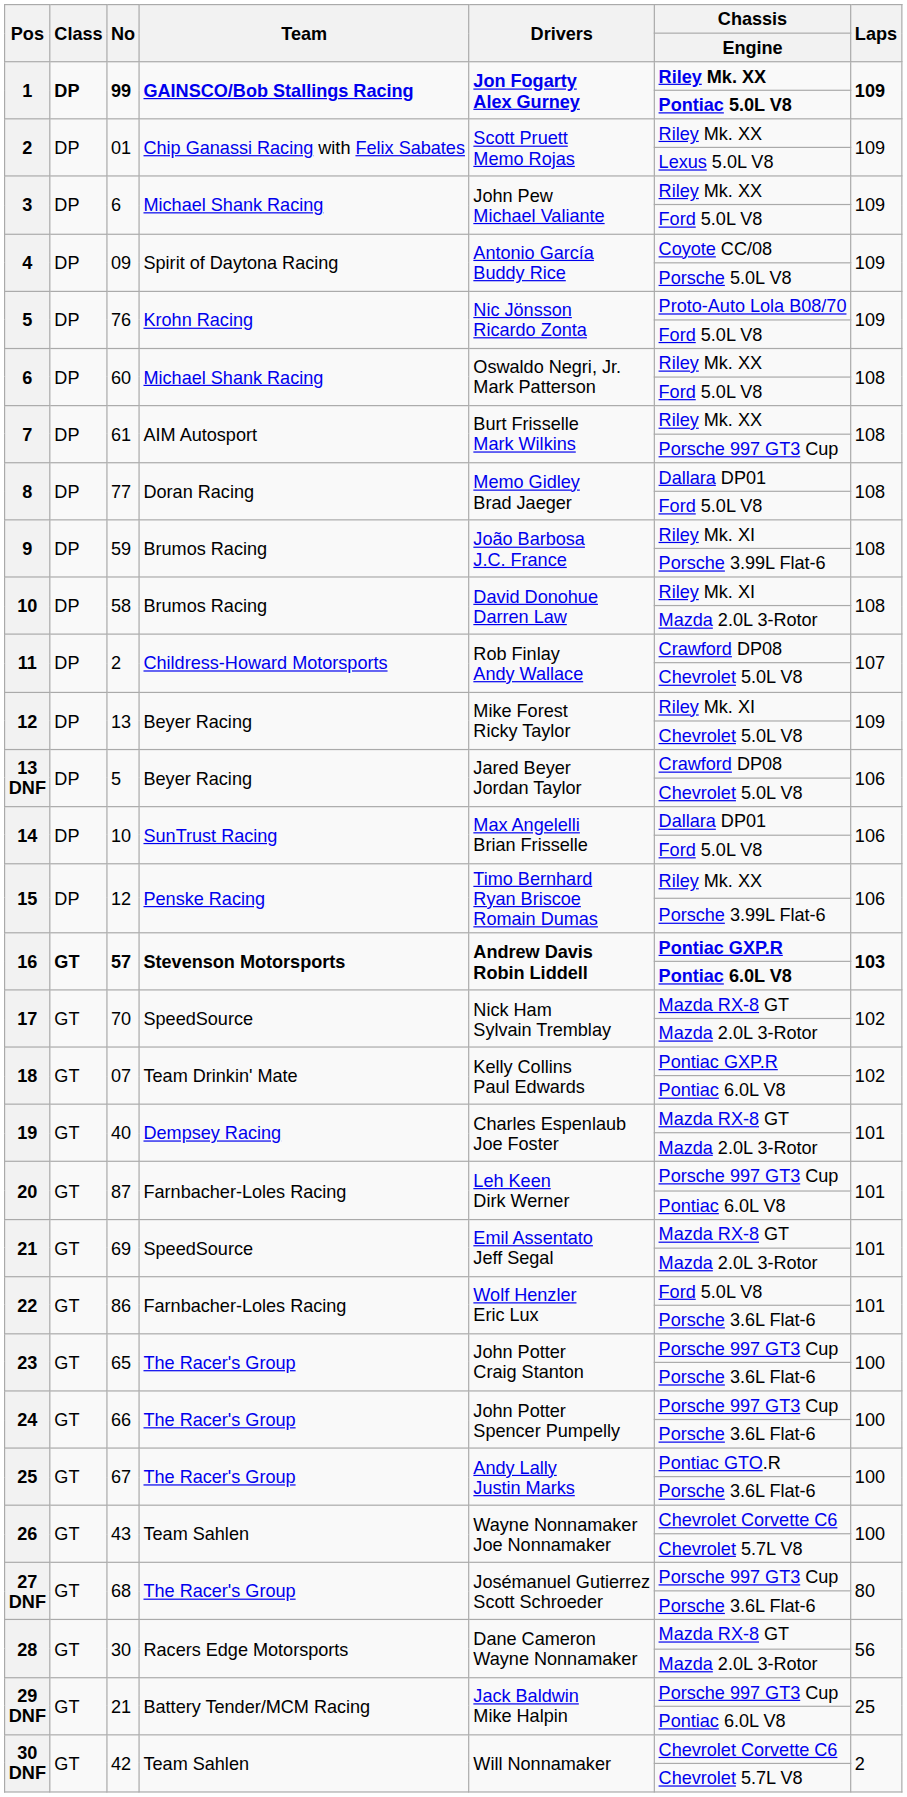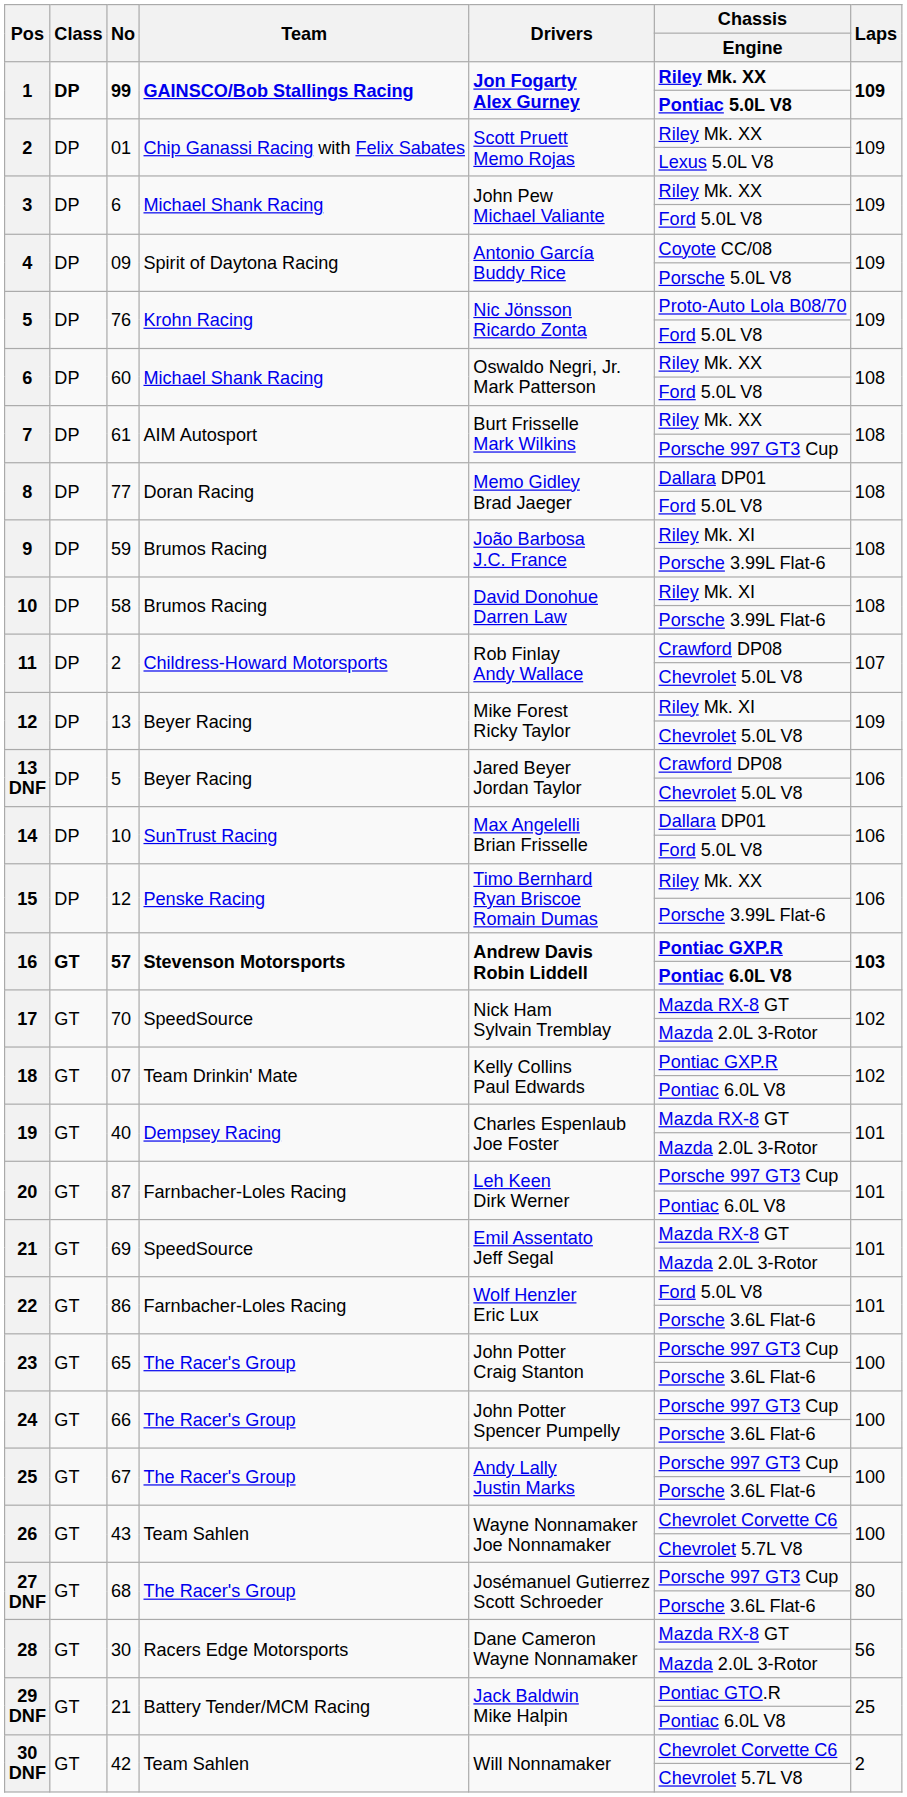 <table class="wikitable" style="font-size: 95%;">
 <tr>
 <th rowspan=2>Pos</th>
 <th rowspan=2>Class</th>
 <th rowspan=2>No</th>
 <th rowspan=2>Team</th>
 <th rowspan=2>Drivers</th>
 <th>Chassis</th>
 <th rowspan=2>Laps</th>
 </tr>
 <tr>
 <th>Engine</th>
 </tr>
 <tr style="font-weight:bold">
 <th rowspan=2>1</th>
 <td rowspan=2>DP</td>
 <td rowspan=2>99</td>
 <td rowspan=2><a href='#'>GAINSCO/Bob Stallings Racing</a></td>
 <td rowspan=2> <a href='#'>Jon Fogarty</a><br> <a href='#'>Alex Gurney</a></td>
 <td><a href='#'>Riley</a> Mk. XX</td>
 <td rowspan=2>109</td>
 </tr>
 <tr style="font-weight:bold">
 <td><a href='#'>Pontiac</a> 5.0L V8</td>
 </tr>
 <tr>
 <th rowspan=2>2</th>
 <td rowspan=2>DP</td>
 <td rowspan=2>01</td>
 <td rowspan=2><a href='#'>Chip Ganassi Racing</a> with <a href='#'>Felix Sabates</a></td>
 <td rowspan=2> <a href='#'>Scott Pruett</a><br> <a href='#'>Memo Rojas</a></td>
 <td><a href='#'>Riley</a> Mk. XX</td>
 <td rowspan=2>109</td>
 </tr>
 <tr>
 <td><a href='#'>Lexus</a> 5.0L V8</td>
 </tr>
 <tr>
 <th rowspan=2>3</th>
 <td rowspan=2>DP</td>
 <td rowspan=2>6</td>
 <td rowspan=2><a href='#'>Michael Shank Racing</a></td>
 <td rowspan=2> John Pew<br> <a href='#'>Michael Valiante</a></td>
 <td><a href='#'>Riley</a> Mk. XX</td>
 <td rowspan=2>109</td>
 </tr>
 <tr>
 <td><a href='#'>Ford</a> 5.0L V8</td>
 </tr>
 <tr>
 <th rowspan=2>4</th>
 <td rowspan=2>DP</td>
 <td rowspan=2>09</td>
 <td rowspan=2>Spirit of Daytona Racing</td>
 <td rowspan=2> <a href='#'>Antonio García</a><br> <a href='#'>Buddy Rice</a></td>
 <td><a href='#'>Coyote</a> CC/08</td>
 <td rowspan=2>109</td>
 </tr>
 <tr>
 <td><a href='#'>Porsche</a> 5.0L V8</td>
 </tr>
 <tr>
 <th rowspan=2>5</th>
 <td rowspan=2>DP</td>
 <td rowspan=2>76</td>
 <td rowspan=2><a href='#'>Krohn Racing</a></td>
 <td rowspan=2> <a href='#'>Nic Jönsson</a><br> <a href='#'>Ricardo Zonta</a></td>
 <td><a href='#'>Proto-Auto Lola B08/70</a></td>
 <td rowspan=2>109</td>
 </tr>
 <tr>
 <td><a href='#'>Ford</a> 5.0L V8</td>
 </tr>
 <tr>
 <th rowspan=2>6</th>
 <td rowspan=2>DP</td>
 <td rowspan=2>60</td>
 <td rowspan=2><a href='#'>Michael Shank Racing</a></td>
 <td rowspan=2> Oswaldo Negri, Jr.<br> Mark Patterson</td>
 <td><a href='#'>Riley</a> Mk. XX</td>
 <td rowspan=2>108</td>
 </tr>
 <tr>
 <td><a href='#'>Ford</a> 5.0L V8</td>
 </tr>
 <tr>
 <th rowspan=2>7</th>
 <td rowspan=2>DP</td>
 <td rowspan=2>61</td>
 <td rowspan=2>AIM Autosport</td>
 <td rowspan=2> Burt Frisselle<br> <a href='#'>Mark Wilkins</a></td>
 <td><a href='#'>Riley</a> Mk. XX</td>
 <td rowspan=2>108</td>
 </tr>
 <tr>
 <td><a href='#'>Porsche 997 GT3</a> Cup</td>
 </tr>
 <tr>
 <th rowspan=2>8</th>
 <td rowspan=2>DP</td>
 <td rowspan=2>77</td>
 <td rowspan=2>Doran Racing</td>
 <td rowspan=2> <a href='#'>Memo Gidley</a><br> Brad Jaeger</td>
 <td><a href='#'>Dallara</a> DP01</td>
 <td rowspan=2>108</td>
 </tr>
 <tr>
 <td><a href='#'>Ford</a> 5.0L V8</td>
 </tr>
 <tr>
 <th rowspan=2>9</th>
 <td rowspan=2>DP</td>
 <td rowspan=2>59</td>
 <td rowspan=2>Brumos Racing</td>
 <td rowspan=2> <a href='#'>João Barbosa</a><br> <a href='#'>J.C. France</a></td>
 <td><a href='#'>Riley</a> Mk. XI</td>
 <td rowspan=2>108</td>
 </tr>
 <tr>
 <td><a href='#'>Porsche</a> 3.99L Flat-6</td>
 </tr>
 <tr>
 <th rowspan=2>10</th>
 <td rowspan=2>DP</td>
 <td rowspan=2>58</td>
 <td rowspan=2>Brumos Racing</td>
 <td rowspan=2> <a href='#'>David Donohue</a><br> <a href='#'>Darren Law</a></td>
 <td><a href='#'>Riley</a> Mk. XI</td>
 <td rowspan=2>108</td>
 </tr>
 <tr>
-<td><a href='#'>Mazda</a> 2.0L 3-Rotor</td>
+<td><a href='#'>Porsche</a> 3.99L Flat-6</td>
 </tr>
 <tr>
 <th rowspan=2>11</th>
 <td rowspan=2>DP</td>
 <td rowspan=2>2</td>
 <td rowspan=2><a href='#'>Childress-Howard Motorsports</a></td>
 <td rowspan=2> Rob Finlay<br> <a href='#'>Andy Wallace</a></td>
 <td><a href='#'>Crawford</a> DP08</td>
 <td rowspan=2>107</td>
 </tr>
 <tr>
 <td><a href='#'>Chevrolet</a> 5.0L V8</td>
 </tr>
 <tr>
 <th rowspan=2>12</th>
 <td rowspan=2>DP</td>
 <td rowspan=2>13</td>
 <td rowspan=2>Beyer Racing</td>
 <td rowspan=2> Mike Forest<br> Ricky Taylor</td>
 <td><a href='#'>Riley</a> Mk. XI</td>
 <td rowspan=2>109</td>
 </tr>
 <tr>
 <td><a href='#'>Chevrolet</a> 5.0L V8</td>
 </tr>
 <tr>
 <th rowspan=2>13<br>DNF</th>
 <td rowspan=2>DP</td>
 <td rowspan=2>5</td>
 <td rowspan=2>Beyer Racing</td>
 <td rowspan=2> Jared Beyer<br> Jordan Taylor</td>
 <td><a href='#'>Crawford</a> DP08</td>
 <td rowspan=2>106</td>
 </tr>
 <tr>
 <td><a href='#'>Chevrolet</a> 5.0L V8</td>
 </tr>
 <tr>
 <th rowspan=2>14</th>
 <td rowspan=2>DP</td>
 <td rowspan=2>10</td>
 <td rowspan=2><a href='#'>SunTrust Racing</a></td>
 <td rowspan=2> <a href='#'>Max Angelelli</a><br> Brian Frisselle</td>
 <td><a href='#'>Dallara</a> DP01</td>
 <td rowspan=2>106</td>
 </tr>
 <tr>
 <td><a href='#'>Ford</a> 5.0L V8</td>
 </tr>
 <tr>
 <th rowspan=2>15</th>
 <td rowspan=2>DP</td>
 <td rowspan=2>12</td>
 <td rowspan=2><a href='#'>Penske Racing</a></td>
 <td rowspan=2> <a href='#'>Timo Bernhard</a><br> <a href='#'>Ryan Briscoe</a><br> <a href='#'>Romain Dumas</a></td>
 <td><a href='#'>Riley</a> Mk. XX</td>
 <td rowspan=2>106</td>
 </tr>
 <tr>
 <td><a href='#'>Porsche</a> 3.99L Flat-6</td>
 </tr>
 <tr style="font-weight:bold">
 <th rowspan=2>16</th>
 <td rowspan=2>GT</td>
 <td rowspan=2>57</td>
 <td rowspan=2>Stevenson Motorsports</td>
 <td rowspan=2> Andrew Davis<br> Robin Liddell</td>
 <td><a href='#'>Pontiac GXP.R</a></td>
 <td rowspan=2>103</td>
 </tr>
 <tr style="font-weight:bold">
 <td><a href='#'>Pontiac</a> 6.0L V8</td>
 </tr>
 <tr>
 <th rowspan=2>17</th>
 <td rowspan=2>GT</td>
 <td rowspan=2>70</td>
 <td rowspan=2>SpeedSource</td>
 <td rowspan=2> Nick Ham<br> Sylvain Tremblay</td>
 <td><a href='#'>Mazda RX-8</a> GT</td>
 <td rowspan=2>102</td>
 </tr>
 <tr>
 <td><a href='#'>Mazda</a> 2.0L 3-Rotor</td>
 </tr>
 <tr>
 <th rowspan=2>18</th>
 <td rowspan=2>GT</td>
 <td rowspan=2>07</td>
 <td rowspan=2>Team Drinkin' Mate</td>
 <td rowspan=2> Kelly Collins<br> Paul Edwards</td>
 <td><a href='#'>Pontiac GXP.R</a></td>
 <td rowspan=2>102</td>
 </tr>
 <tr>
 <td><a href='#'>Pontiac</a> 6.0L V8</td>
 </tr>
 <tr>
 <th rowspan=2>19</th>
 <td rowspan=2>GT</td>
 <td rowspan=2>40</td>
 <td rowspan=2><a href='#'>Dempsey Racing</a></td>
 <td rowspan=2> Charles Espenlaub<br> Joe Foster</td>
 <td><a href='#'>Mazda RX-8</a> GT</td>
 <td rowspan=2>101</td>
 </tr>
 <tr>
 <td><a href='#'>Mazda</a> 2.0L 3-Rotor</td>
 </tr>
 <tr>
 <th rowspan=2>20</th>
 <td rowspan=2>GT</td>
 <td rowspan=2>87</td>
 <td rowspan=2>Farnbacher-Loles Racing</td>
 <td rowspan=2> <a href='#'>Leh Keen</a><br> Dirk Werner</td>
 <td><a href='#'>Porsche 997 GT3</a> Cup</td>
 <td rowspan=2>101</td>
 </tr>
 <tr>
 <td><a href='#'>Pontiac</a> 6.0L V8</td>
 </tr>
 <tr>
 <th rowspan=2>21</th>
 <td rowspan=2>GT</td>
 <td rowspan=2>69</td>
 <td rowspan=2>SpeedSource</td>
 <td rowspan=2> <a href='#'>Emil Assentato</a><br> Jeff Segal</td>
 <td><a href='#'>Mazda RX-8</a> GT</td>
 <td rowspan=2>101</td>
 </tr>
 <tr>
 <td><a href='#'>Mazda</a> 2.0L 3-Rotor</td>
 </tr>
 <tr>
 <th rowspan=2>22</th>
 <td rowspan=2>GT</td>
 <td rowspan=2>86</td>
 <td rowspan=2>Farnbacher-Loles Racing</td>
 <td rowspan=2> <a href='#'>Wolf Henzler</a><br> Eric Lux</td>
 <td><a href='#'>Ford</a> 5.0L V8</td>
 <td rowspan=2>101</td>
 </tr>
 <tr>
 <td><a href='#'>Porsche</a> 3.6L Flat-6</td>
 </tr>
 <tr>
 <th rowspan=2>23</th>
 <td rowspan=2>GT</td>
 <td rowspan=2>65</td>
 <td rowspan=2><a href='#'>The Racer's Group</a></td>
 <td rowspan=2> John Potter<br> Craig Stanton</td>
 <td><a href='#'>Porsche 997 GT3</a> Cup</td>
 <td rowspan=2>100</td>
 </tr>
 <tr>
 <td><a href='#'>Porsche</a> 3.6L Flat-6</td>
 </tr>
 <tr>
 <th rowspan=2>24</th>
 <td rowspan=2>GT</td>
 <td rowspan=2>66</td>
 <td rowspan=2><a href='#'>The Racer's Group</a></td>
 <td rowspan=2> John Potter<br> Spencer Pumpelly</td>
 <td><a href='#'>Porsche 997 GT3</a> Cup</td>
 <td rowspan=2>100</td>
 </tr>
 <tr>
 <td><a href='#'>Porsche</a> 3.6L Flat-6</td>
 </tr>
 <tr>
 <th rowspan=2>25</th>
 <td rowspan=2>GT</td>
 <td rowspan=2>67</td>
 <td rowspan=2><a href='#'>The Racer's Group</a></td>
 <td rowspan=2> <a href='#'>Andy Lally</a><br> <a href='#'>Justin Marks</a></td>
-<td><a href='#'>Pontiac GTO</a>.R</td>
+<td><a href='#'>Porsche 997 GT3</a> Cup</td>
 <td rowspan=2>100</td>
 </tr>
 <tr>
 <td><a href='#'>Porsche</a> 3.6L Flat-6</td>
 </tr>
 <tr>
 <th rowspan=2>26</th>
 <td rowspan=2>GT</td>
 <td rowspan=2>43</td>
 <td rowspan=2>Team Sahlen</td>
 <td rowspan=2> Wayne Nonnamaker<br> Joe Nonnamaker</td>
 <td><a href='#'>Chevrolet Corvette C6</a></td>
 <td rowspan=2>100</td>
 </tr>
 <tr>
 <td><a href='#'>Chevrolet</a> 5.7L V8</td>
 </tr>
 <tr>
 <th rowspan=2>27<br>DNF</th>
 <td rowspan=2>GT</td>
 <td rowspan=2>68</td>
 <td rowspan=2><a href='#'>The Racer's Group</a></td>
 <td rowspan=2> Josémanuel Gutierrez<br> Scott Schroeder</td>
 <td><a href='#'>Porsche 997 GT3</a> Cup</td>
 <td rowspan=2>80</td>
 </tr>
 <tr>
 <td><a href='#'>Porsche</a> 3.6L Flat-6</td>
 </tr>
 <tr>
 <th rowspan=2>28</th>
 <td rowspan=2>GT</td>
 <td rowspan=2>30</td>
 <td rowspan=2>Racers Edge Motorsports</td>
 <td rowspan=2> Dane Cameron<br> Wayne Nonnamaker</td>
 <td><a href='#'>Mazda RX-8</a> GT</td>
 <td rowspan=2>56</td>
 </tr>
 <tr>
 <td><a href='#'>Mazda</a> 2.0L 3-Rotor</td>
 </tr>
 <tr>
 <th rowspan=2>29<br>DNF</th>
 <td rowspan=2>GT</td>
 <td rowspan=2>21</td>
 <td rowspan=2>Battery Tender/MCM Racing</td>
 <td rowspan=2> <a href='#'>Jack Baldwin</a><br> Mike Halpin</td>
-<td><a href='#'>Porsche 997 GT3</a> Cup</td>
+<td><a href='#'>Pontiac GTO</a>.R</td>
 <td rowspan=2>25</td>
 </tr>
 <tr>
 <td><a href='#'>Pontiac</a> 6.0L V8</td>
 </tr>
 <tr>
 <th rowspan=2>30<br>DNF</th>
 <td rowspan=2>GT</td>
 <td rowspan=2>42</td>
 <td rowspan=2>Team Sahlen</td>
 <td rowspan=2> Will Nonnamaker</td>
 <td><a href='#'>Chevrolet Corvette C6</a></td>
 <td rowspan=2>2</td>
 </tr>
 <tr>
 <td><a href='#'>Chevrolet</a> 5.7L V8</td>
 </tr>
 </table>
